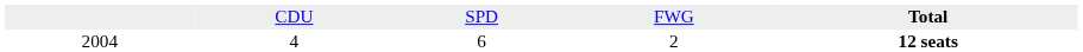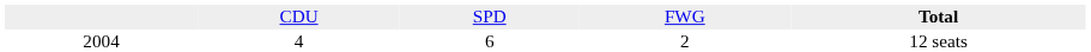 <table border="0" cellpadding="2" cellspacing="0" width="60%">
 <tr bgcolor="#eeeeee" align="center">
 <td></td>
 <td><a href='#'>CDU</a></td>
 <td><a href='#'>SPD</a></td>
 <td><a href='#'>FWG</a></td>
 <td><strong>Total</strong></td>
 </tr>
 <tr align="center">
 <td>2004</td>
 <td>4</td>
 <td>6</td>
 <td>2</td>
-<td><strong>12 seats</strong></td>
+<td>12 seats</td>
 </tr>
 </table>
